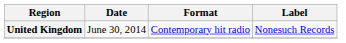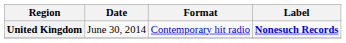 <table class="wikitable plainrowheaders">
 <tr>
 <th scope="col">Region</th>
 <th scope="col">Date</th>
 <th scope="col">Format</th>
 <th scope="col">Label</th>
 </tr>
 <tr>
 <th scope="row">United Kingdom</th>
 <td>June 30, 2014</td>
 <td><a href='#'>Contemporary hit radio</a></td>
-<td><a href='#'>Nonesuch Records</a></td>
+<td><strong><a href='#'>Nonesuch Records</a></strong></td>
 </tr>
 <tr>
 </tr>
 </table>
